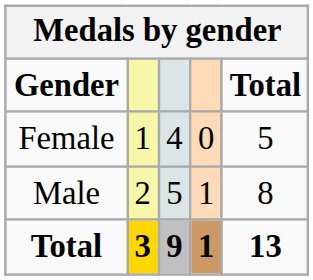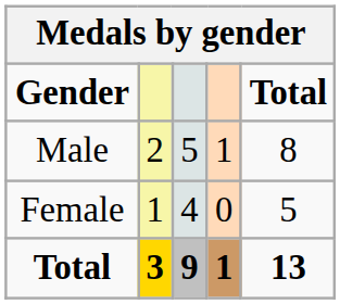 <table class="wikitable" style="font-size:85%; float:right">
 <tr style="background:#efefef;">
 <th colspan=5>Medals by gender</th>
 </tr>
 <tr align=center>
 <td><strong>Gender</strong></td>
 <td style="background:#f7f6a8;"></td>
 <td style="background:#dce5e5;"></td>
 <td style="background:#ffdab9;"></td>
 <td><strong>Total</strong></td>
 </tr>
 <tr align=center>
+<td>Male</td>
+<td style="background:#F7F6A8;">2</td>
+<td style="background:#DCE5E5;">5</td>
+<td style="background:#FFDAB9;">1</td>
+<td>8</td>
+</tr>
+<tr align=center>
 <td>Female</td>
 <td style="background:#F7F6A8;">1</td>
 <td style="background:#DCE5E5;">4</td>
 <td style="background:#FFDAB9;">0</td>
 <td>5</td>
-</tr>
-<tr align=center>
-<td>Male</td>
-<td style="background:#F7F6A8;">2</td>
-<td style="background:#DCE5E5;">5</td>
-<td style="background:#FFDAB9;">1</td>
-<td>8</td>
 </tr>
 <tr align=center>
 <td><strong>Total</strong></td>
 <td style="background:gold;"><strong>3</strong></td>
 <td style="background:silver;"><strong>9</strong></td>
 <td style="background:#c96;"><strong>1</strong></td>
 <td><strong>13</strong></td>
 </tr>
 </table>
